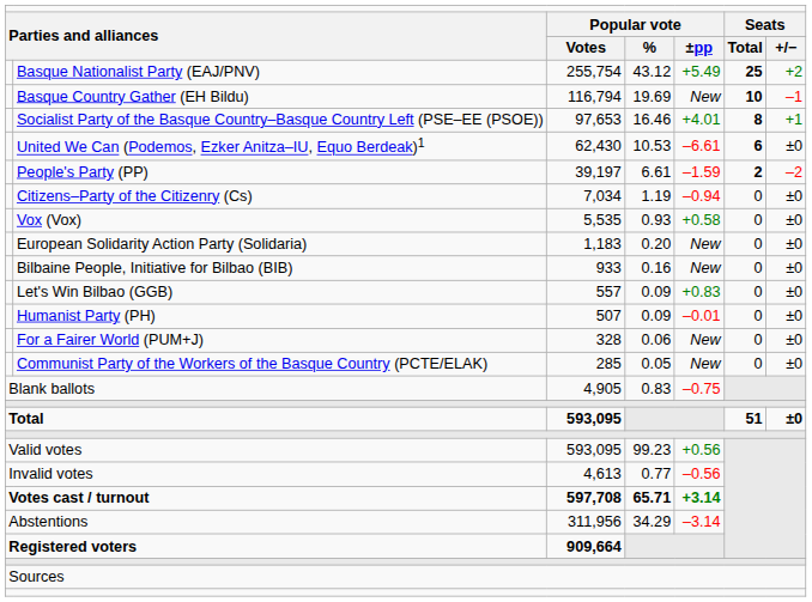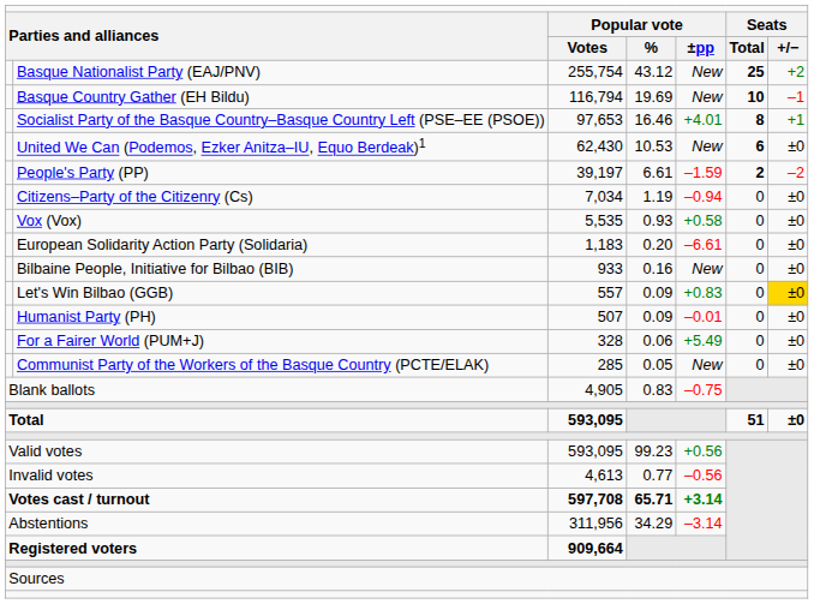 <table class="wikitable" style="text-align:right;">
 <tr>
 <td colspan="7"></td>
 </tr>
 <tr>
 <th style="text-align:left;" rowspan="2" colspan="2" width="525">Parties and alliances</th>
 <th colspan="3">Popular vote</th>
 <th colspan="2">Seats</th>
 </tr>
 <tr>
 <th width="75">Votes</th>
 <th width="45">%</th>
 <th width="45">±<a href='#'>pp</a></th>
 <th width="35">Total</th>
 <th width="35">+/−</th>
 </tr>
 <tr>
 <td width="1" style="color:inherit;background:"></td>
 <td align="left"><a href='#'>Basque Nationalist Party</a> (EAJ/PNV)</td>
 <td>255,754</td>
 <td>43.12</td>
-<td style="color:green;">+5.49</td>
+<td><em>New</em></td>
 <td><strong>25</strong></td>
 <td style="color:green;">+2</td>
 </tr>
 <tr>
 <td style="color:inherit;background:"></td>
 <td align="left"><a href='#'>Basque Country Gather</a> (EH Bildu)</td>
 <td>116,794</td>
 <td>19.69</td>
 <td><em>New</em></td>
 <td><strong>10</strong></td>
 <td style="color:red;">–1</td>
 </tr>
 <tr>
 <td style="color:inherit;background:"></td>
 <td align="left"><a href='#'>Socialist Party of the Basque Country–Basque Country Left</a> (PSE–EE (PSOE))</td>
 <td>97,653</td>
 <td>16.46</td>
 <td style="color:green;">+4.01</td>
 <td><strong>8</strong></td>
 <td style="color:green;">+1</td>
 </tr>
 <tr>
 <td style="color:inherit;background:"></td>
 <td align="left"><a href='#'>United We Can</a> (<a href='#'>Podemos</a>, <a href='#'>Ezker Anitza–IU</a>, <a href='#'>Equo Berdeak</a>)<sup>1</sup></td>
 <td>62,430</td>
 <td>10.53</td>
-<td style="color:red;">–6.61</td>
+<td><em>New</em></td>
 <td><strong>6</strong></td>
 <td>±0</td>
 </tr>
 <tr>
 <td style="color:inherit;background:"></td>
 <td align="left"><a href='#'>People's Party</a> (PP)</td>
 <td>39,197</td>
 <td>6.61</td>
 <td style="color:red;">–1.59</td>
 <td><strong>2</strong></td>
 <td style="color:red;">–2</td>
 </tr>
 <tr>
 <td style="color:inherit;background:"></td>
 <td align="left"><a href='#'>Citizens–Party of the Citizenry</a> (Cs)</td>
 <td>7,034</td>
 <td>1.19</td>
 <td style="color:red;">–0.94</td>
 <td>0</td>
 <td>±0</td>
 </tr>
 <tr>
 <td style="color:inherit;background:"></td>
 <td align="left"><a href='#'>Vox</a> (Vox)</td>
 <td>5,535</td>
 <td>0.93</td>
 <td style="color:green;">+0.58</td>
 <td>0</td>
 <td>±0</td>
 </tr>
 <tr>
 <td style="color:inherit;background:"></td>
 <td align="left">European Solidarity Action Party (Solidaria)</td>
 <td>1,183</td>
 <td>0.20</td>
-<td><em>New</em></td>
+<td style="color:red;">–6.61</td>
 <td>0</td>
 <td>±0</td>
 </tr>
 <tr>
 <td style="color:inherit;background:"></td>
 <td align="left">Bilbaine People, Initiative for Bilbao (BIB)</td>
 <td>933</td>
 <td>0.16</td>
 <td><em>New</em></td>
 <td>0</td>
 <td>±0</td>
 </tr>
 <tr>
 <td style="color:inherit;background:"></td>
 <td align="left">Let's Win Bilbao (GGB)</td>
 <td>557</td>
 <td>0.09</td>
 <td style="color:green;">+0.83</td>
 <td>0</td>
-<td>±0</td>
+<td style="background: gold;">±0</td>
 </tr>
 <tr>
 <td style="color:inherit;background:"></td>
 <td align="left"><a href='#'>Humanist Party</a> (PH)</td>
 <td>507</td>
 <td>0.09</td>
 <td style="color:red;">–0.01</td>
 <td>0</td>
 <td>±0</td>
 </tr>
 <tr>
 <td style="color:inherit;background:"></td>
 <td align="left"><a href='#'>For a Fairer World</a> (PUM+J)</td>
 <td>328</td>
 <td>0.06</td>
-<td><em>New</em></td>
+<td style="color:green;">+5.49</td>
 <td>0</td>
 <td>±0</td>
 </tr>
 <tr>
 <td style="color:inherit;background:"></td>
 <td align="left"><a href='#'>Communist Party of the Workers of the Basque Country</a> (PCTE/ELAK)</td>
 <td>285</td>
 <td>0.05</td>
 <td><em>New</em></td>
 <td>0</td>
 <td>±0</td>
 </tr>
 <tr>
 <td align="left" colspan="2">Blank ballots</td>
 <td>4,905</td>
 <td>0.83</td>
 <td style="color:red;">–0.75</td>
 <td bgcolor="#E9E9E9" colspan="2"></td>
 </tr>
 <tr>
 <td colspan="7" bgcolor="#E9E9E9"></td>
 </tr>
 <tr style="font-weight:bold;">
 <td align="left" colspan="2">Total</td>
 <td>593,095</td>
 <td bgcolor="#E9E9E9" colspan="2"></td>
 <td>51</td>
 <td>±0</td>
 </tr>
 <tr>
 <td colspan="7" bgcolor="#E9E9E9"></td>
 </tr>
 <tr>
 <td align="left" colspan="2">Valid votes</td>
 <td>593,095</td>
 <td>99.23</td>
 <td style="color:green;">+0.56</td>
 <td bgcolor="#E9E9E9" colspan="2" rowspan="5"></td>
 </tr>
 <tr>
 <td align="left" colspan="2">Invalid votes</td>
 <td>4,613</td>
 <td>0.77</td>
 <td style="color:red;">–0.56</td>
 </tr>
 <tr style="font-weight:bold;">
 <td align="left" colspan="2">Votes cast / turnout</td>
 <td>597,708</td>
 <td>65.71</td>
 <td style="color:green;">+3.14</td>
 </tr>
 <tr>
 <td align="left" colspan="2">Abstentions</td>
 <td>311,956</td>
 <td>34.29</td>
 <td style="color:red;">–3.14</td>
 </tr>
 <tr style="font-weight:bold;">
 <td align="left" colspan="2">Registered voters</td>
 <td>909,664</td>
 <td bgcolor="#E9E9E9" colspan="2"></td>
 </tr>
 <tr>
 <td colspan="7" bgcolor="#E9E9E9"></td>
 </tr>
 <tr>
 <td align="left" colspan="7">Sources</td>
 </tr>
 <tr>
 <td colspan="7" style="text-align:left; max-width:790px;"></td>
 </tr>
 </table>
